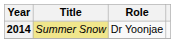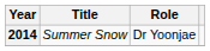 <table class="wikitable sortable  plainrowheaders">
 <tr>
 <th>Year</th>
 <th>Title</th>
 <th>Role</th>
 <th scope="col" class="unsortable"></th>
 </tr>
 <tr>
 <th scope="row">2014</th>
-<td style="background: khaki;"><em>Summer Snow</em></td>
+<td><em>Summer Snow</em></td>
 <td>Dr Yoonjae</td>
 <td></td>
 </tr>
 <tr>
 </tr>
 </table>
